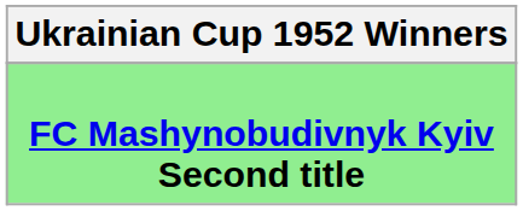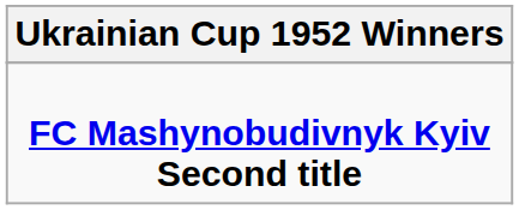 <table class="wikitable" style="text-align: center; margin: 0 auto;">
 <tr>
 <th>Ukrainian Cup 1952 Winners</th>
 </tr>
 <tr>
 </tr>
 <tr>
-<td style="background: lightgreen;"><br><strong><a href='#'>FC Mashynobudivnyk Kyiv</a></strong><br><strong>Second title</strong></td>
+<td><br><strong><a href='#'>FC Mashynobudivnyk Kyiv</a></strong><br><strong>Second title</strong></td>
 </tr>
 </table>
